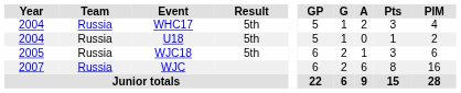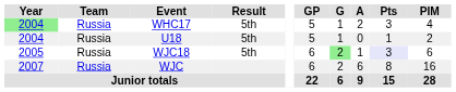 <table border="0" cellpadding="1" cellspacing="0" style="text-align:center; width:40em">
 <tr align="center" bgcolor="#e0e0e0">
 <th>Year</th>
 <th>Team</th>
 <th>Event</th>
 <th>Result</th>
 <th rowspan="99" bgcolor="#ffffff"> </th>
 <th>GP</th>
 <th>G</th>
 <th>A</th>
 <th>Pts</th>
 <th>PIM</th>
 </tr>
 <tr>
-<td><a href='#'>2004</a></td>
+<td style="background: lightgreen;"><a href='#'>2004</a></td>
 <td><a href='#'>Russia</a></td>
 <td><a href='#'>WHC17</a></td>
 <td>5th</td>
 <td>5</td>
 <td>1</td>
 <td>2</td>
 <td>3</td>
 <td>4</td>
 </tr>
 <tr bgcolor="#f0f0f0">
 <td><a href='#'>2004</a></td>
 <td>Russia</td>
 <td><a href='#'>U18</a></td>
 <td>5th</td>
 <td>5</td>
 <td>1</td>
 <td>0</td>
 <td>1</td>
 <td>2</td>
 </tr>
 <tr>
 <td><a href='#'>2005</a></td>
 <td>Russia</td>
 <td><a href='#'>WJC18</a></td>
 <td>5th</td>
 <td>6</td>
-<td>2</td>
+<td style="background: lightgreen;">2</td>
 <td>1</td>
-<td>3</td>
+<td style="background: lavender;">3</td>
 <td>6</td>
 </tr>
 <tr bgcolor="#f0f0f0">
 <td><a href='#'>2007</a></td>
 <td><a href='#'>Russia</a></td>
 <td><a href='#'>WJC</a></td>
 <td></td>
 <td>6</td>
 <td>2</td>
 <td>6</td>
 <td>8</td>
 <td>16</td>
 </tr>
 <tr bgcolor="#e0e0e0">
 <th colspan="4">Junior totals</th>
 <th>22</th>
 <th>6</th>
 <th>9</th>
 <th>15</th>
 <th>28</th>
 </tr>
 </table>
